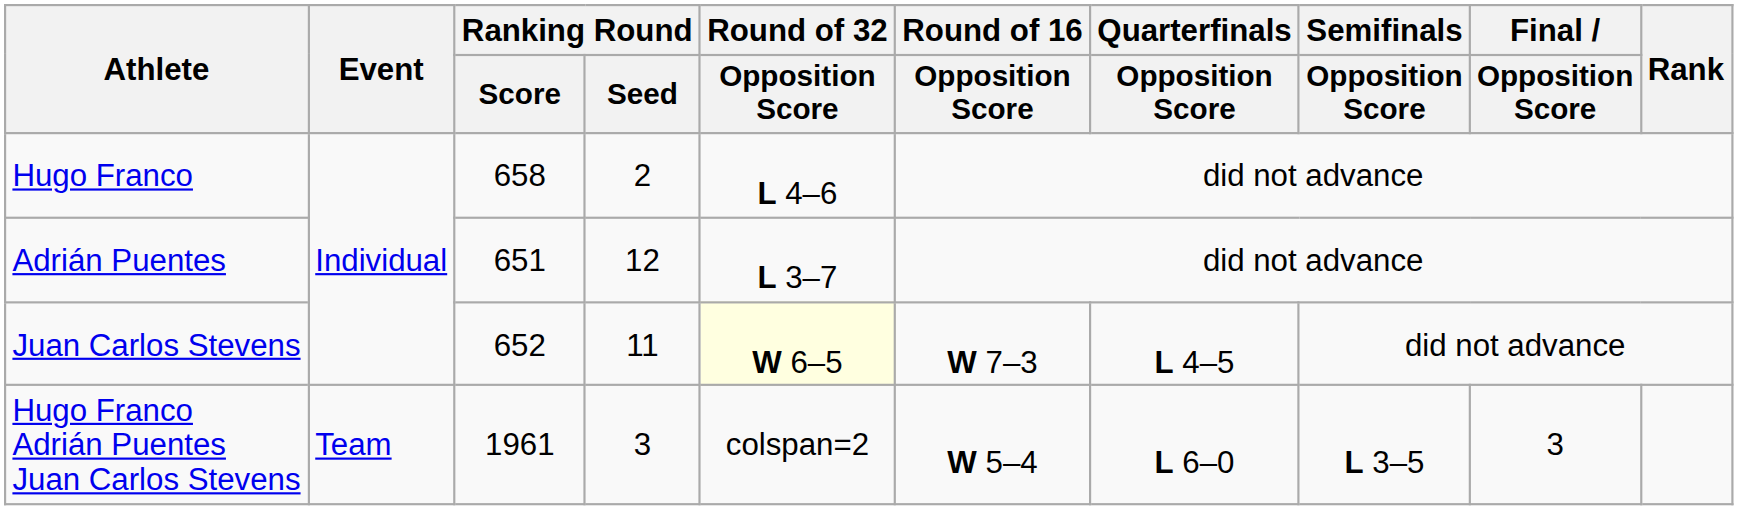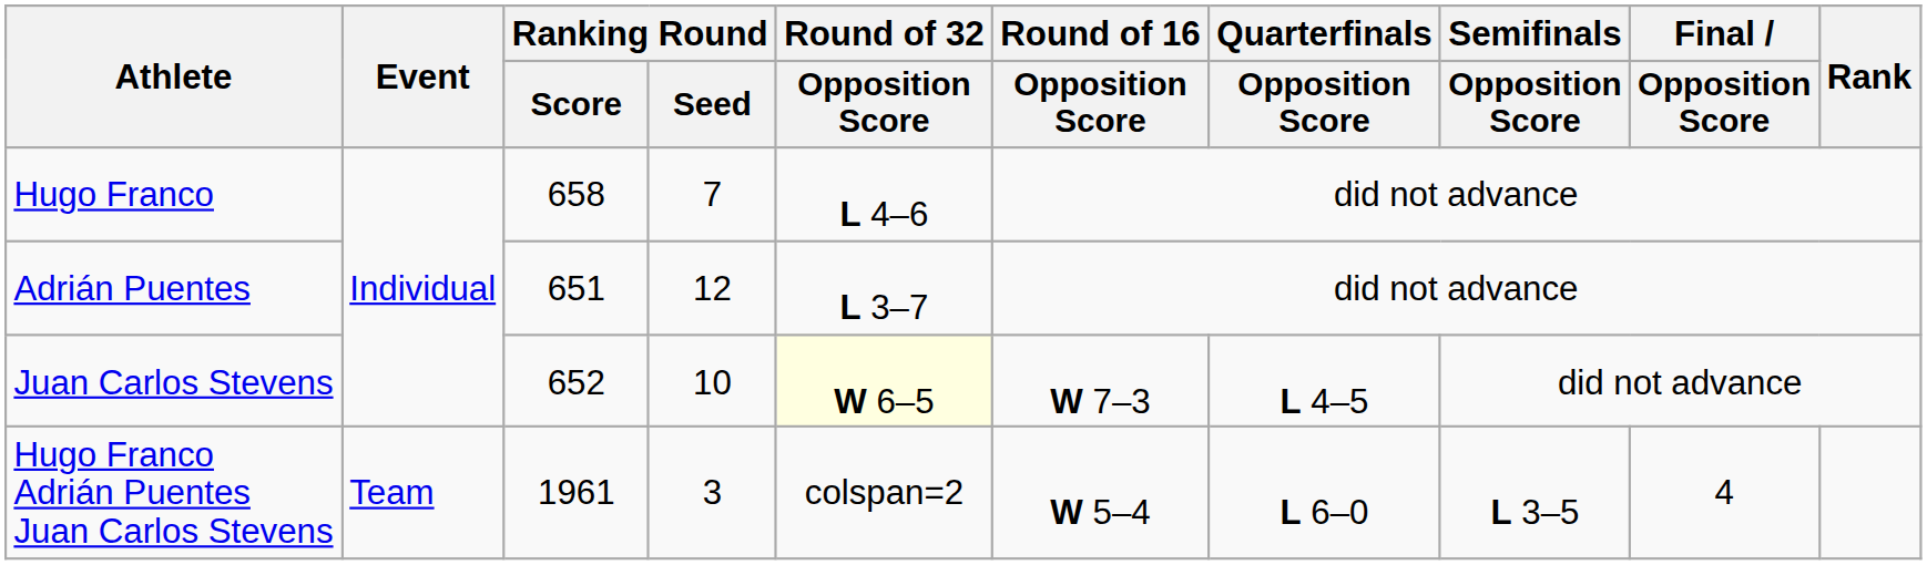 <table class="wikitable" style="font-size:90%">
 <tr>
 <th rowspan="2">Athlete</th>
 <th rowspan="2">Event</th>
 <th colspan="2">Ranking Round</th>
 <th>Round of 32</th>
 <th>Round of 16</th>
 <th>Quarterfinals</th>
 <th>Semifinals</th>
 <th>Final / </th>
 <th rowspan="2">Rank</th>
 </tr>
 <tr style="font-size:95%">
 <th>Score</th>
 <th>Seed</th>
 <th>Opposition<br>Score</th>
 <th>Opposition<br>Score</th>
 <th>Opposition<br>Score</th>
 <th>Opposition<br>Score</th>
 <th>Opposition<br>Score</th>
 </tr>
 <tr align=center>
 <td align=left><a href='#'>Hugo Franco</a></td>
 <td align=left rowspan=3><a href='#'>Individual</a></td>
 <td>658</td>
-<td>2</td>
+<td>7</td>
 <td><br><strong>L</strong> 4–6</td>
 <td colspan="5">did not advance</td>
 </tr>
 <tr align=center>
 <td align=left><a href='#'>Adrián Puentes</a></td>
 <td>651</td>
 <td>12</td>
 <td><br><strong>L</strong> 3–7</td>
 <td colspan="5">did not advance</td>
 </tr>
 <tr align=center>
 <td align=left><a href='#'>Juan Carlos Stevens</a></td>
 <td>652</td>
-<td>11</td>
+<td>10</td>
 <td style="background: lightyellow;"><br><strong>W</strong> 6–5</td>
 <td><br><strong>W</strong> 7–3</td>
 <td><br><strong>L</strong> 4–5</td>
 <td colspan="3">did not advance</td>
 </tr>
 <tr align=center>
 <td align=left><a href='#'>Hugo Franco</a><br><a href='#'>Adrián Puentes</a><br><a href='#'>Juan Carlos Stevens</a></td>
 <td align=left><a href='#'>Team</a></td>
 <td>1961</td>
 <td>3</td>
 <td>colspan=2 </td>
 <td><br><strong>W</strong> 5–4</td>
 <td><br><strong>L</strong> 6–0</td>
 <td><br><strong>L</strong> 3–5</td>
-<td>3</td>
+<td>4</td>
 </tr>
 </table>
